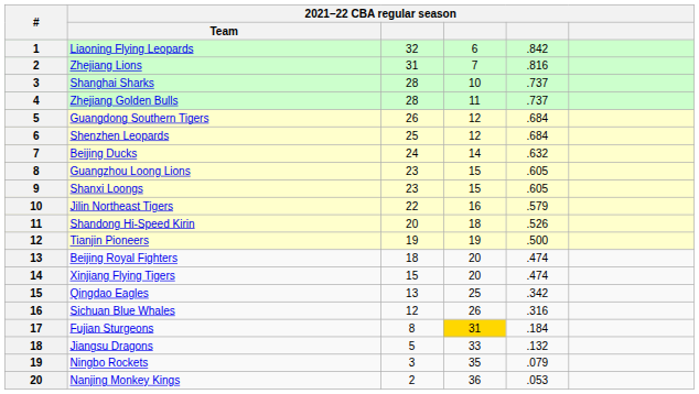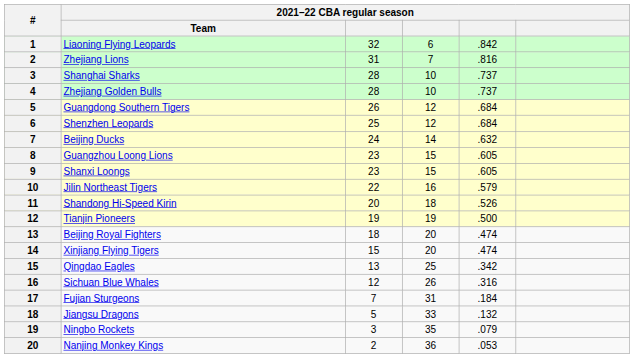 <table class="wikitable"  style="width:75%; font-size:95%;">
 <tr>
 <th style="width:5%;" rowspan="2">#</th>
 <th colspan="6" style="text-align:center;">2021–22 CBA regular season</th>
 </tr>
 <tr style="text-align:center;">
 <th style="width:25%;">Team</th>
 <th style="width:5%;"></th>
 <th style="width:5%;"></th>
 <th style="width:5%;"></th>
 <th style="width:10%;"></th>
 </tr>
 <tr style="text-align:center; background:#cfc;">
 <th>1</th>
 <td style="text-align:left;"><a href='#'>Liaoning Flying Leopards</a></td>
 <td>32</td>
 <td>6</td>
 <td>.842</td>
 <td></td>
 </tr>
 <tr style="text-align:center; background:#cfc;">
 <th>2</th>
 <td style="text-align:left;"><a href='#'>Zhejiang Lions</a></td>
 <td>31</td>
 <td>7</td>
 <td>.816</td>
 <td></td>
 </tr>
 <tr style="text-align:center; background:#cfc;">
 <th>3</th>
 <td style="text-align:left;"><a href='#'>Shanghai Sharks</a></td>
 <td>28</td>
 <td>10</td>
 <td>.737</td>
 <td></td>
 </tr>
 <tr style="text-align:center; background:#cfc;">
 <th>4</th>
 <td style="text-align:left;"><a href='#'>Zhejiang Golden Bulls</a></td>
 <td>28</td>
-<td>11</td>
+<td>10</td>
 <td>.737</td>
 <td></td>
 </tr>
 <tr style="text-align:center; background:#ffc;">
 <th>5</th>
 <td style="text-align:left;"><a href='#'>Guangdong Southern Tigers</a></td>
 <td>26</td>
 <td>12</td>
 <td>.684</td>
 <td></td>
 </tr>
 <tr style="text-align:center; background:#ffc;">
 <th>6</th>
 <td style="text-align:left;"><a href='#'>Shenzhen Leopards</a></td>
 <td>25</td>
 <td>12</td>
 <td>.684</td>
 <td></td>
 </tr>
 <tr style="text-align:center; background:#ffc;">
 <th>7</th>
 <td style="text-align:left;"><a href='#'>Beijing Ducks</a></td>
 <td>24</td>
 <td>14</td>
 <td>.632</td>
 <td></td>
 </tr>
 <tr style="text-align:center; background:#ffc;">
 <th>8</th>
 <td style="text-align:left;"><a href='#'>Guangzhou Loong Lions</a></td>
 <td>23</td>
 <td>15</td>
 <td>.605</td>
 <td></td>
 </tr>
 <tr style="text-align:center; background:#ffc;">
 <th>9</th>
 <td style="text-align:left;"><a href='#'>Shanxi Loongs</a></td>
 <td>23</td>
 <td>15</td>
 <td>.605</td>
 <td></td>
 </tr>
 <tr style="text-align:center; background:#ffc;">
 <th>10</th>
 <td style="text-align:left;"><a href='#'>Jilin Northeast Tigers</a></td>
 <td>22</td>
 <td>16</td>
 <td>.579</td>
 <td></td>
 </tr>
 <tr style="text-align:center; background:#ffc;">
 <th>11</th>
 <td style="text-align:left;"><a href='#'>Shandong Hi-Speed Kirin</a></td>
 <td>20</td>
 <td>18</td>
 <td>.526</td>
 <td></td>
 </tr>
 <tr style="text-align:center; background:#ffc;">
 <th>12</th>
 <td style="text-align:left;"><a href='#'>Tianjin Pioneers</a></td>
 <td>19</td>
 <td>19</td>
 <td>.500</td>
 <td></td>
 </tr>
 <tr style="text-align:center;">
 <th>13</th>
 <td style="text-align:left;"><a href='#'>Beijing Royal Fighters</a></td>
 <td>18</td>
 <td>20</td>
 <td>.474</td>
 <td></td>
 </tr>
 <tr style="text-align:center;">
 <th>14</th>
 <td style="text-align:left;"><a href='#'>Xinjiang Flying Tigers</a></td>
 <td>15</td>
 <td>20</td>
 <td>.474</td>
 <td></td>
 </tr>
 <tr style="text-align:center;">
 <th>15</th>
 <td style="text-align:left;"><a href='#'>Qingdao Eagles</a></td>
 <td>13</td>
 <td>25</td>
 <td>.342</td>
 <td></td>
 </tr>
 <tr style="text-align:center;">
 <th>16</th>
 <td style="text-align:left;"><a href='#'>Sichuan Blue Whales</a></td>
 <td>12</td>
 <td>26</td>
 <td>.316</td>
 <td></td>
 </tr>
 <tr style="text-align:center;">
 <th>17</th>
 <td style="text-align:left;"><a href='#'>Fujian Sturgeons</a></td>
-<td>8</td>
-<td style="background: gold;">31</td>
+<td>7</td>
+<td>31</td>
 <td>.184</td>
 <td></td>
 </tr>
 <tr style="text-align:center;">
 <th>18</th>
 <td style="text-align:left;"><a href='#'>Jiangsu Dragons</a></td>
 <td>5</td>
 <td>33</td>
 <td>.132</td>
 <td></td>
 </tr>
 <tr style="text-align:center;">
 <th>19</th>
 <td style="text-align:left;"><a href='#'>Ningbo Rockets</a></td>
 <td>3</td>
 <td>35</td>
 <td>.079</td>
 <td></td>
 </tr>
 <tr style="text-align:center;">
 <th>20</th>
 <td style="text-align:left;"><a href='#'>Nanjing Monkey Kings</a></td>
 <td>2</td>
 <td>36</td>
 <td>.053</td>
 <td></td>
 </tr>
 </table>
